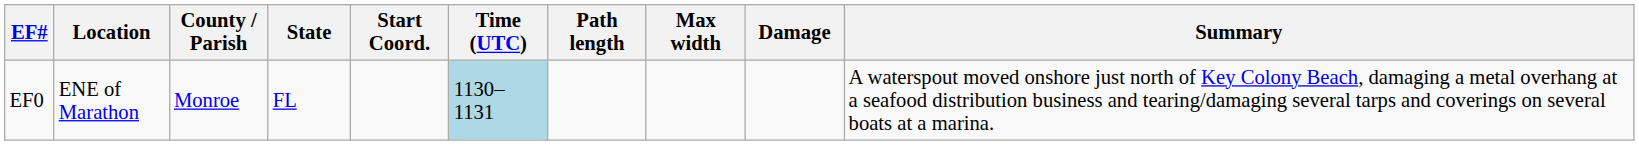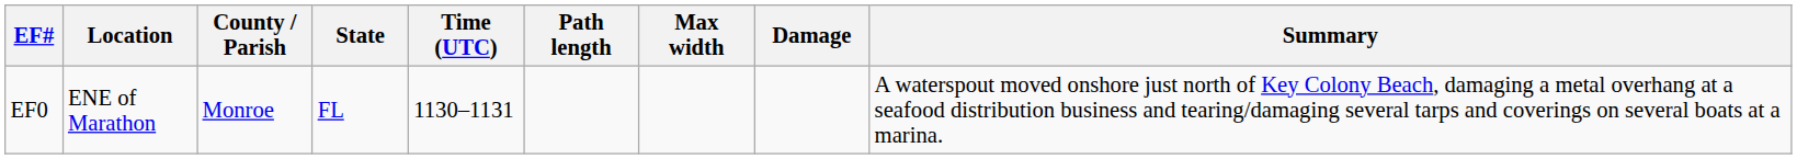 <table class="wikitable sortable" style="width:100%;">
 <tr>
 <th scope="col"  style="width:3%; text-align:center;"><a href='#'>EF#</a></th>
 <th scope="col"  style="width:7%; text-align:center;" class="unsortable">Location</th>
 <th scope="col"  style="width:6%; text-align:center;" class="unsortable">County / Parish</th>
 <th scope="col"  style="width:5%; text-align:center;">State</th>
-<th scope="col"  style="width:6%; text-align:center;">Start Coord.</th>
 <th scope="col"  style="width:6%; text-align:center;">Time (<a href='#'>UTC</a>)</th>
 <th scope="col"  style="width:6%; text-align:center;">Path length</th>
 <th scope="col"  style="width:6%; text-align:center;">Max width</th>
 <th scope="col"  style="width:6%; text-align:center;">Damage</th>
 <th scope="col" class="unsortable" style="width:48%; text-align:center;">Summary</th>
 </tr>
 <tr>
 <td>EF0</td>
 <td>ENE of <a href='#'>Marathon</a></td>
 <td><a href='#'>Monroe</a></td>
 <td><a href='#'>FL</a></td>
-<td></td>
-<td style="background: lightblue;">1130–1131</td>
+<td>1130–1131</td>
 <td></td>
 <td></td>
 <td></td>
 <td>A waterspout moved onshore just north of <a href='#'>Key Colony Beach</a>, damaging a metal overhang at a seafood distribution business and tearing/damaging several tarps and coverings on several boats at a marina.</td>
 </tr>
 </table>
